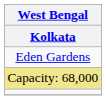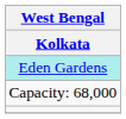 <table class="wikitable" style="text-align:center">
 <tr>
 <th colspan="3"><a href='#'>West Bengal</a></th>
 </tr>
 <tr>
 <th><a href='#'>Kolkata</a></th>
 </tr>
 <tr>
-<td><a href='#'>Eden Gardens</a></td>
+<td style="background: paleturquoise;"><a href='#'>Eden Gardens</a></td>
 </tr>
 <tr>
-<td style="background: khaki;">Capacity: 68,000</td>
+<td>Capacity: 68,000</td>
 </tr>
 <tr>
 <td></td>
 </tr>
 <tr>
 </tr>
 </table>
